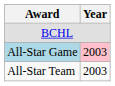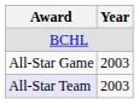 <table class="wikitable">
 <tr>
 <th>Award</th>
 <th>Year</th>
 </tr>
 <tr ALIGN="center" bgcolor="#e0e0e0">
 <td colspan="3"><a href='#'>BCHL</a></td>
 </tr>
 <tr>
-<td style="background: lightblue;">All-Star Game</td>
-<td style="background: pink;">2003</td>
+<td>All-Star Game</td>
+<td>2003</td>
 </tr>
 <tr>
-<td>All-Star Team</td>
+<td style="background: lavender;">All-Star Team</td>
 <td>2003</td>
 </tr>
 </table>
